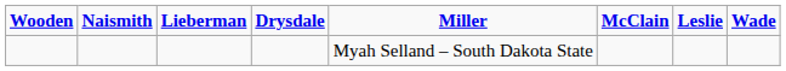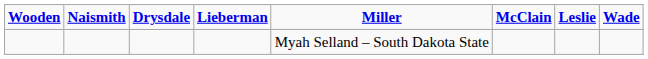 <table class="wikitable" style="white-space:nowrap; font-size:90%; text-align: center;">
 <tr>
 <td><strong><a href='#'>Wooden</a></strong></td>
 <td><strong><a href='#'>Naismith</a></strong></td>
+<td><strong><a href='#'>Drysdale</a></strong></td>
 <td><strong><a href='#'>Lieberman</a></strong></td>
-<td><strong><a href='#'>Drysdale</a></strong></td>
 <td><strong><a href='#'>Miller</a></strong></td>
 <td><strong><a href='#'>McClain</a></strong></td>
 <td><strong><a href='#'>Leslie</a></strong></td>
 <td><strong><a href='#'>Wade</a></strong></td>
 </tr>
 <tr>
 <td></td>
 <td></td>
 <td></td>
 <td></td>
 <td>Myah Selland – South Dakota State</td>
 <td></td>
 <td></td>
 <td></td>
 </tr>
 </table>
